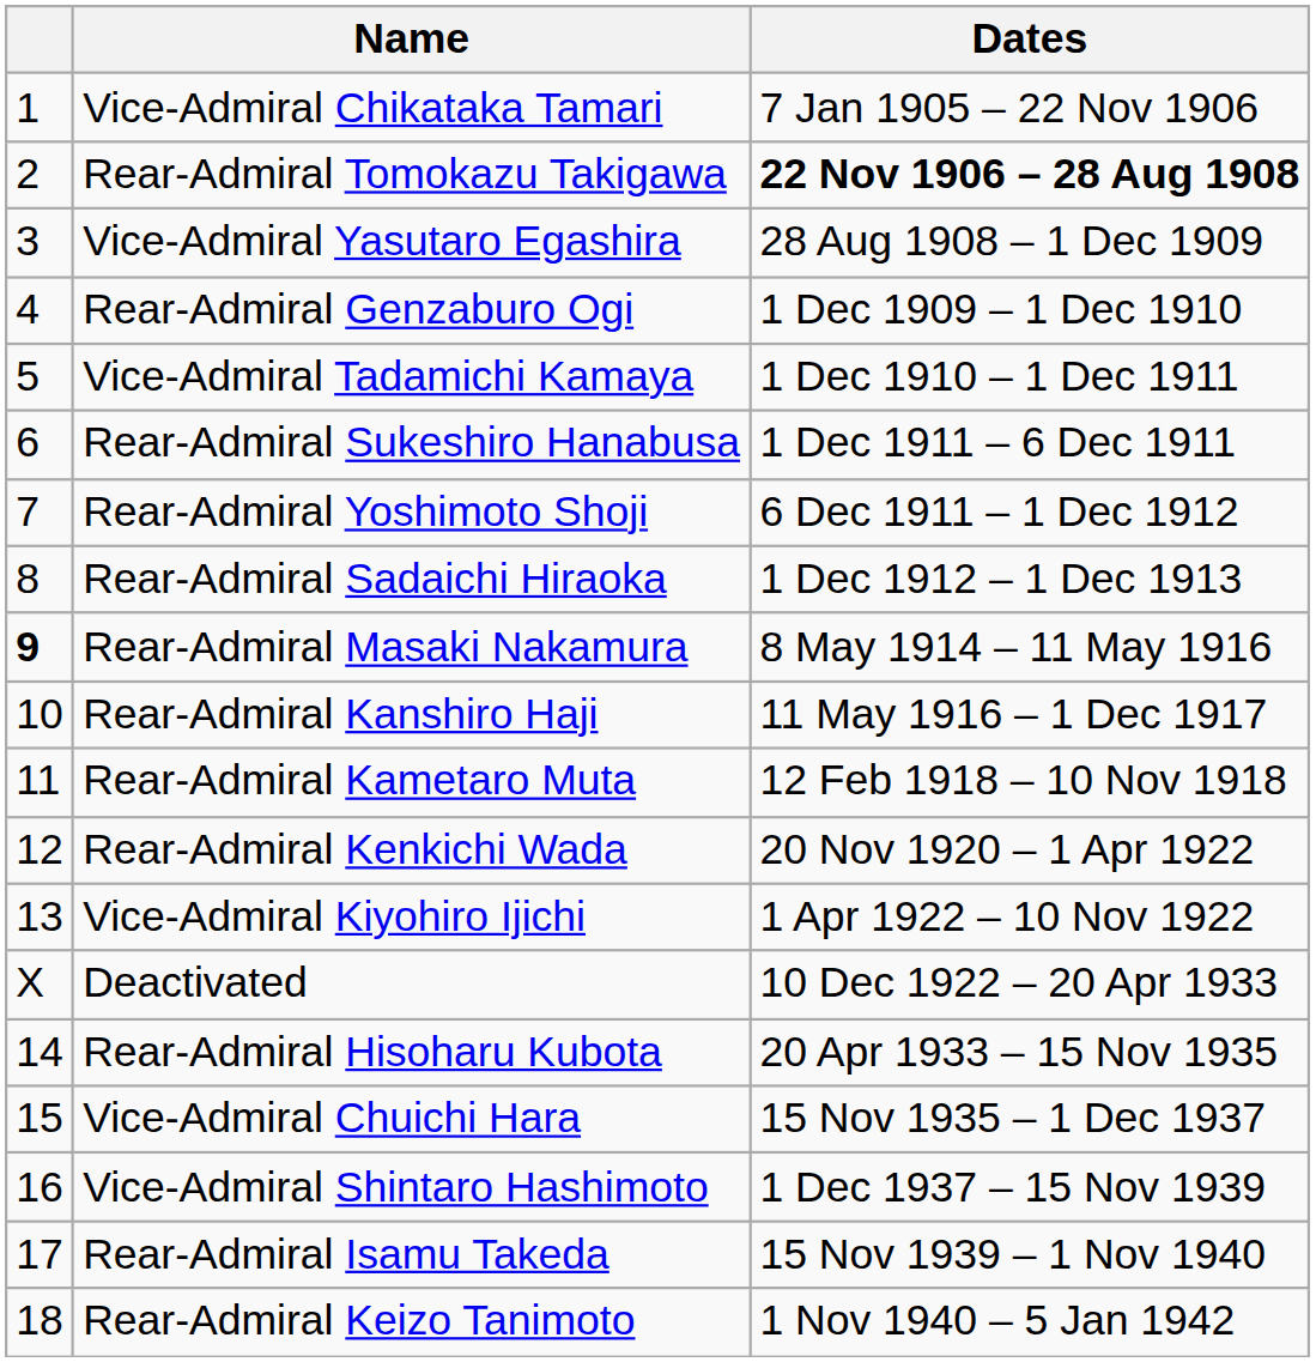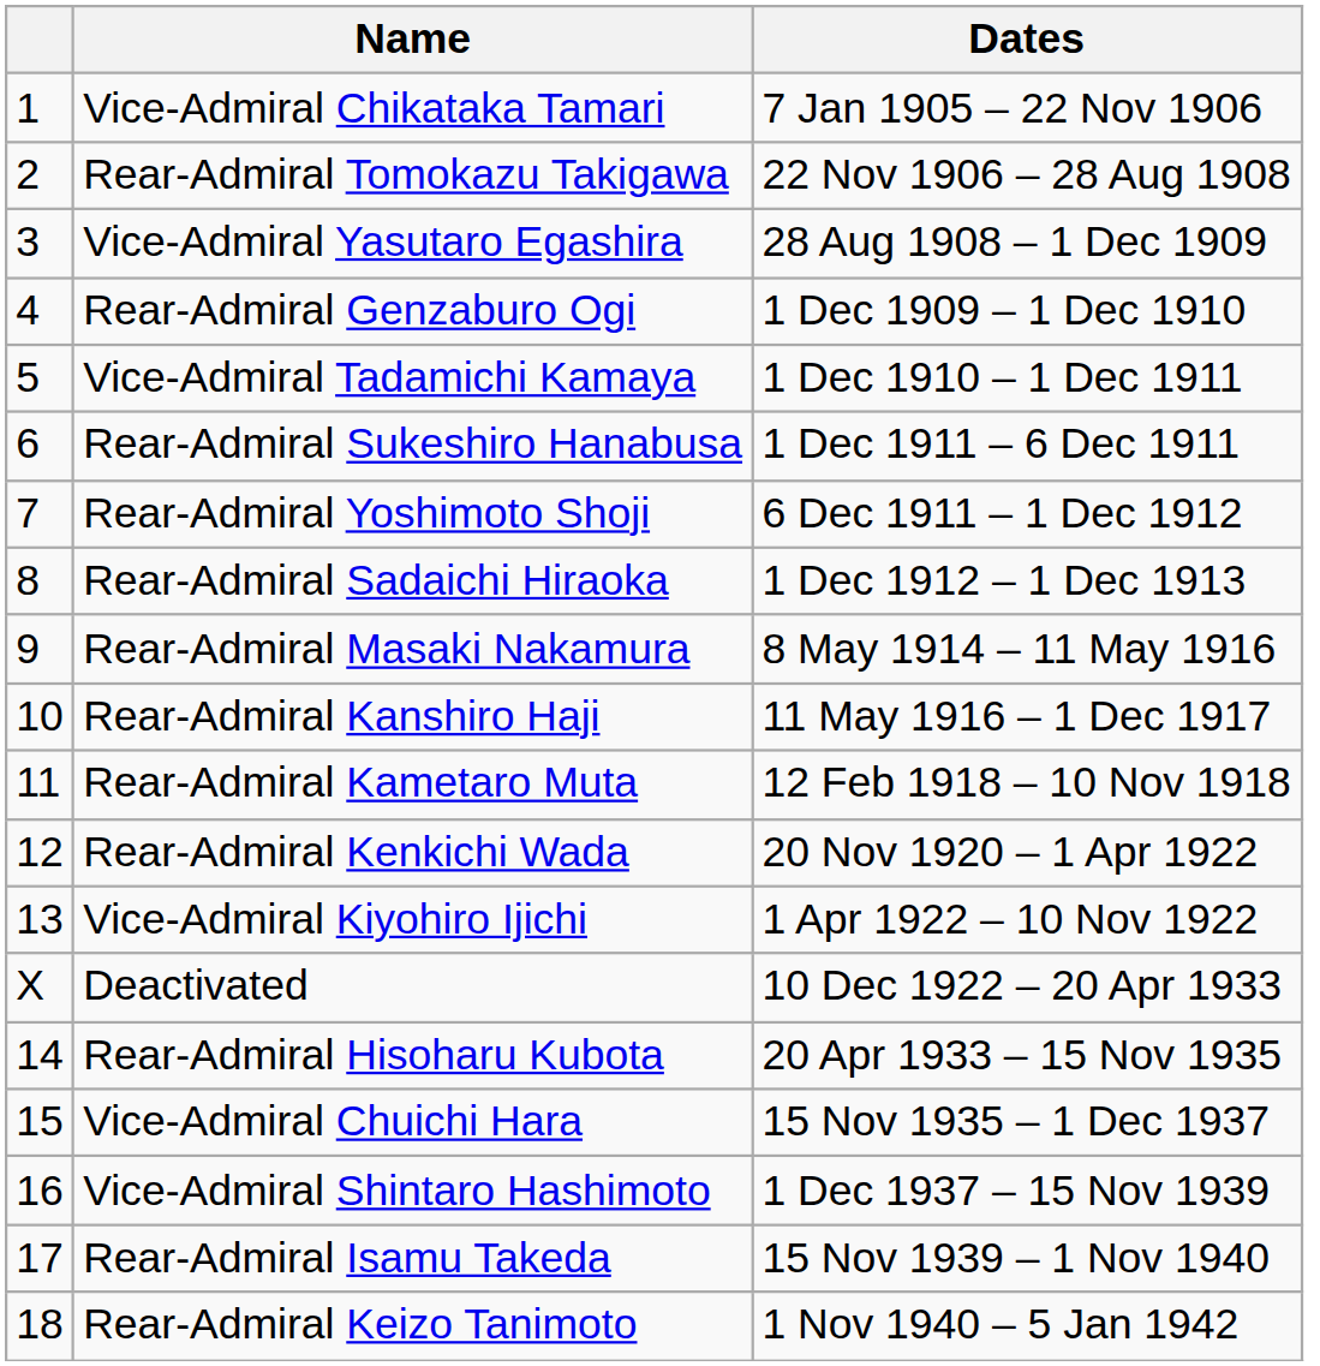 <table class=wikitable>
 <tr>
 <th></th>
 <th>Name</th>
 <th>Dates</th>
 </tr>
 <tr>
 <td>1</td>
 <td>Vice-Admiral <a href='#'>Chikataka Tamari</a></td>
 <td>7 Jan 1905 – 22 Nov 1906</td>
 </tr>
 <tr>
 <td>2</td>
 <td>Rear-Admiral <a href='#'>Tomokazu Takigawa</a></td>
-<td><strong>22 Nov 1906 – 28 Aug 1908</strong></td>
+<td>22 Nov 1906 – 28 Aug 1908</td>
 </tr>
 <tr>
 <td>3</td>
 <td>Vice-Admiral <a href='#'>Yasutaro Egashira</a></td>
 <td>28 Aug 1908 – 1 Dec 1909</td>
 </tr>
 <tr>
 <td>4</td>
 <td>Rear-Admiral <a href='#'>Genzaburo Ogi</a></td>
 <td>1 Dec 1909 – 1 Dec 1910</td>
 </tr>
 <tr>
 <td>5</td>
 <td>Vice-Admiral <a href='#'>Tadamichi Kamaya</a></td>
 <td>1 Dec 1910 – 1 Dec 1911</td>
 </tr>
 <tr>
 <td>6</td>
 <td>Rear-Admiral <a href='#'>Sukeshiro Hanabusa</a></td>
 <td>1 Dec 1911 – 6 Dec 1911</td>
 </tr>
 <tr>
 <td>7</td>
 <td>Rear-Admiral <a href='#'>Yoshimoto Shoji</a></td>
 <td>6 Dec 1911 – 1 Dec 1912</td>
 </tr>
 <tr>
 <td>8</td>
 <td>Rear-Admiral <a href='#'>Sadaichi Hiraoka</a></td>
 <td>1 Dec 1912 – 1 Dec 1913</td>
 </tr>
 <tr>
-<td><strong>9</strong></td>
+<td>9</td>
 <td>Rear-Admiral <a href='#'>Masaki Nakamura</a></td>
 <td>8 May 1914 – 11 May 1916</td>
 </tr>
 <tr>
 <td>10</td>
 <td>Rear-Admiral <a href='#'>Kanshiro Haji</a></td>
 <td>11 May 1916 – 1 Dec 1917</td>
 </tr>
 <tr>
 <td>11</td>
 <td>Rear-Admiral <a href='#'>Kametaro Muta</a></td>
 <td>12 Feb 1918 – 10 Nov 1918</td>
 </tr>
 <tr>
 <td>12</td>
 <td>Rear-Admiral <a href='#'>Kenkichi Wada</a></td>
 <td>20 Nov 1920 – 1 Apr 1922</td>
 </tr>
 <tr>
 <td>13</td>
 <td>Vice-Admiral <a href='#'>Kiyohiro Ijichi</a></td>
 <td>1 Apr 1922 – 10 Nov 1922</td>
 </tr>
 <tr>
 <td>X</td>
 <td>Deactivated</td>
 <td>10 Dec 1922 – 20 Apr 1933</td>
 </tr>
 <tr>
 <td>14</td>
 <td>Rear-Admiral <a href='#'>Hisoharu Kubota</a></td>
 <td>20 Apr 1933 – 15 Nov 1935</td>
 </tr>
 <tr>
 <td>15</td>
 <td>Vice-Admiral <a href='#'>Chuichi Hara</a></td>
 <td>15 Nov 1935 – 1 Dec 1937</td>
 </tr>
 <tr>
 <td>16</td>
 <td>Vice-Admiral <a href='#'>Shintaro Hashimoto</a></td>
 <td>1 Dec 1937 – 15 Nov 1939</td>
 </tr>
 <tr>
 <td>17</td>
 <td>Rear-Admiral <a href='#'>Isamu Takeda</a></td>
 <td>15 Nov 1939 – 1 Nov 1940</td>
 </tr>
 <tr>
 <td>18</td>
 <td>Rear-Admiral <a href='#'>Keizo Tanimoto</a></td>
 <td>1 Nov 1940 – 5 Jan 1942</td>
 </tr>
 <tr>
 </tr>
 </table>
